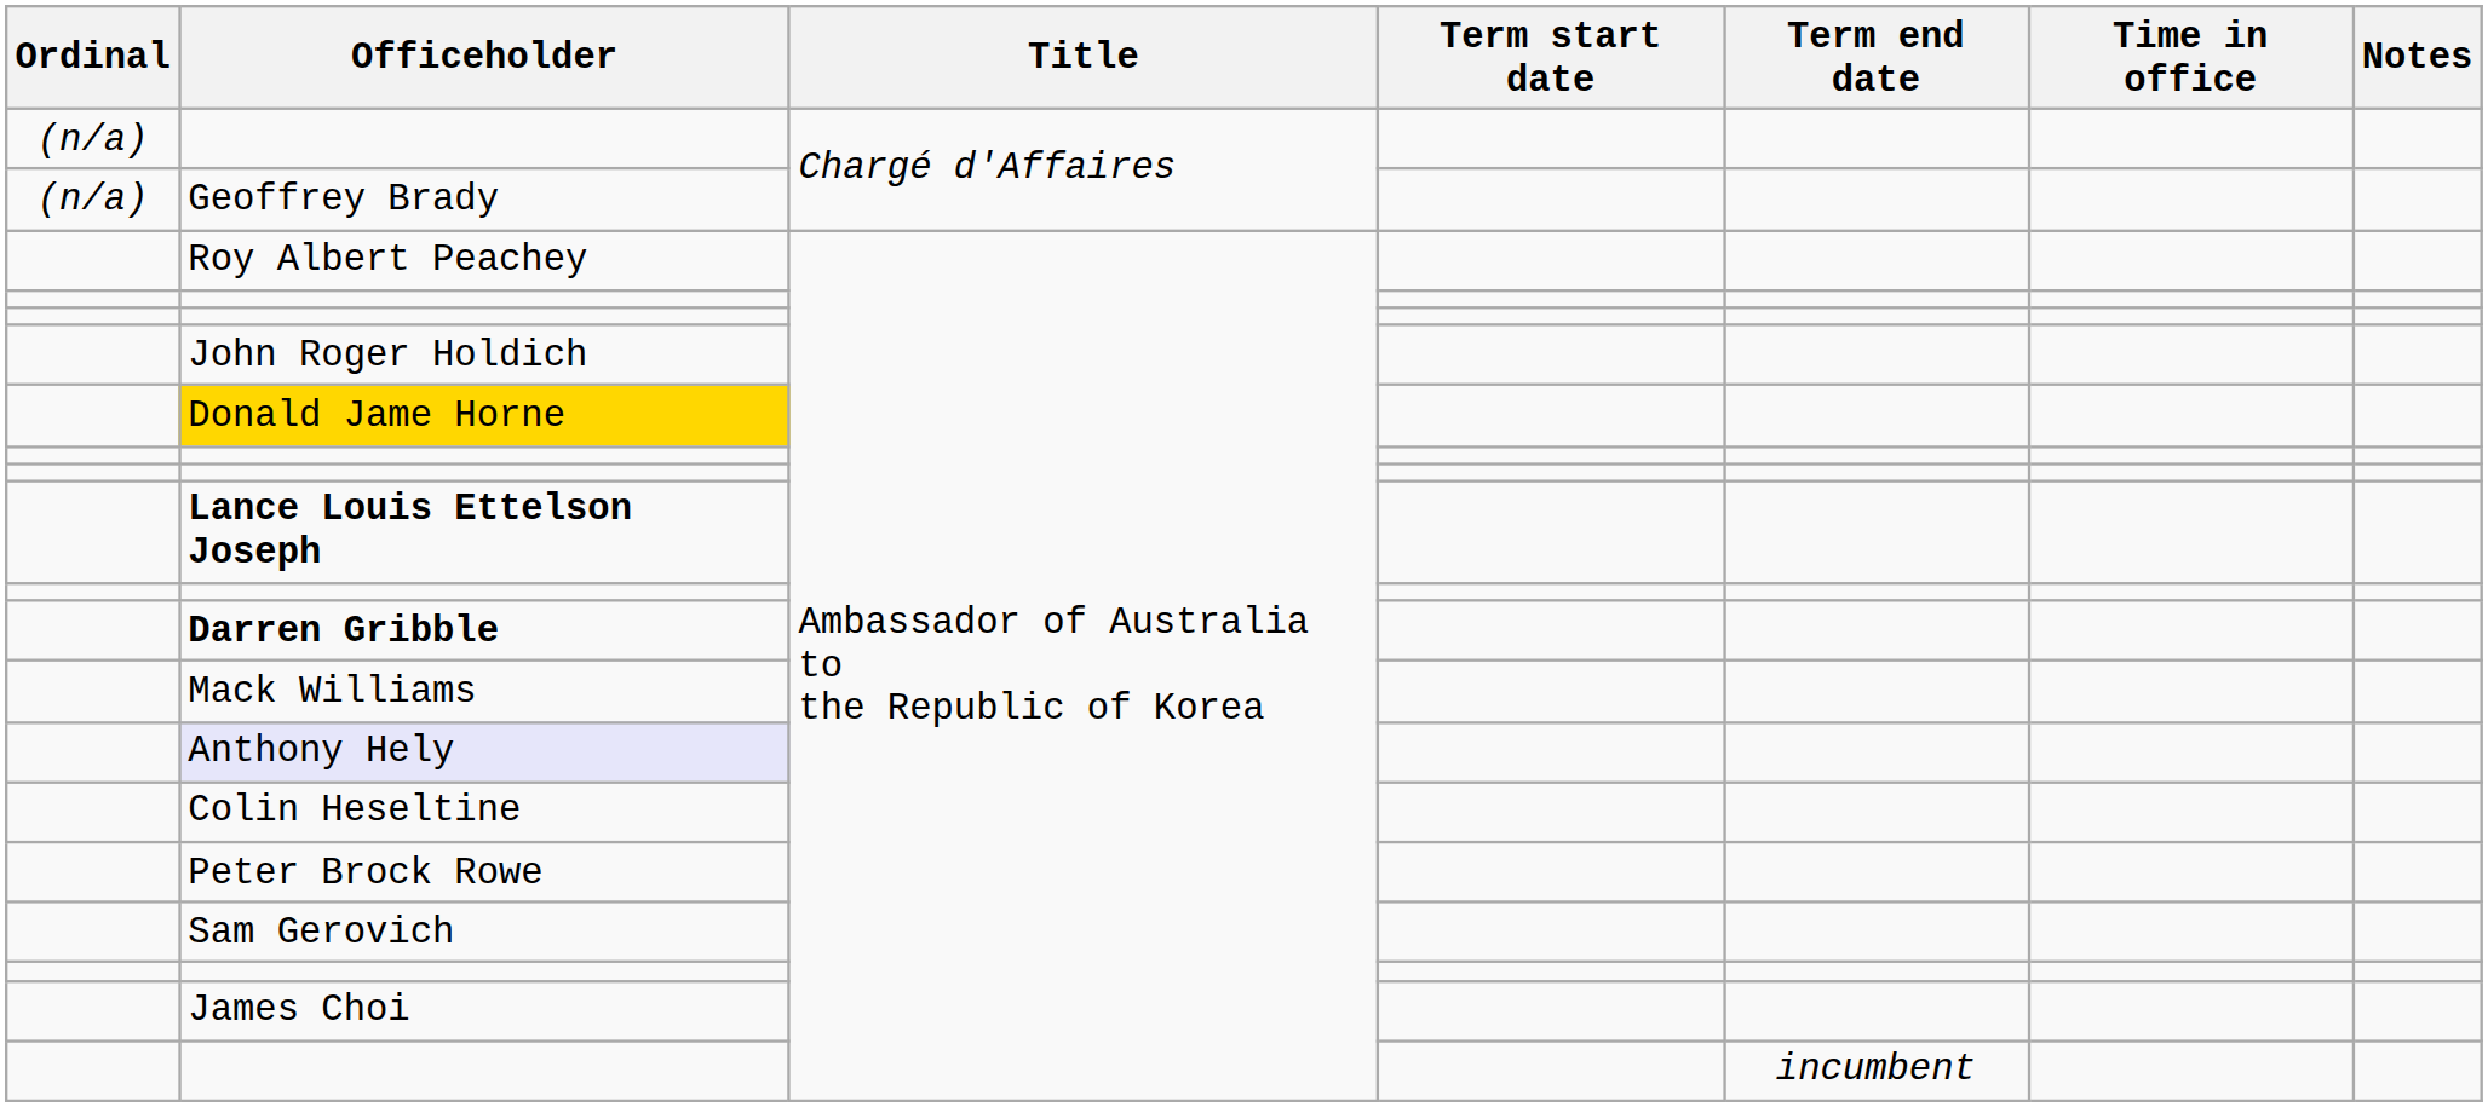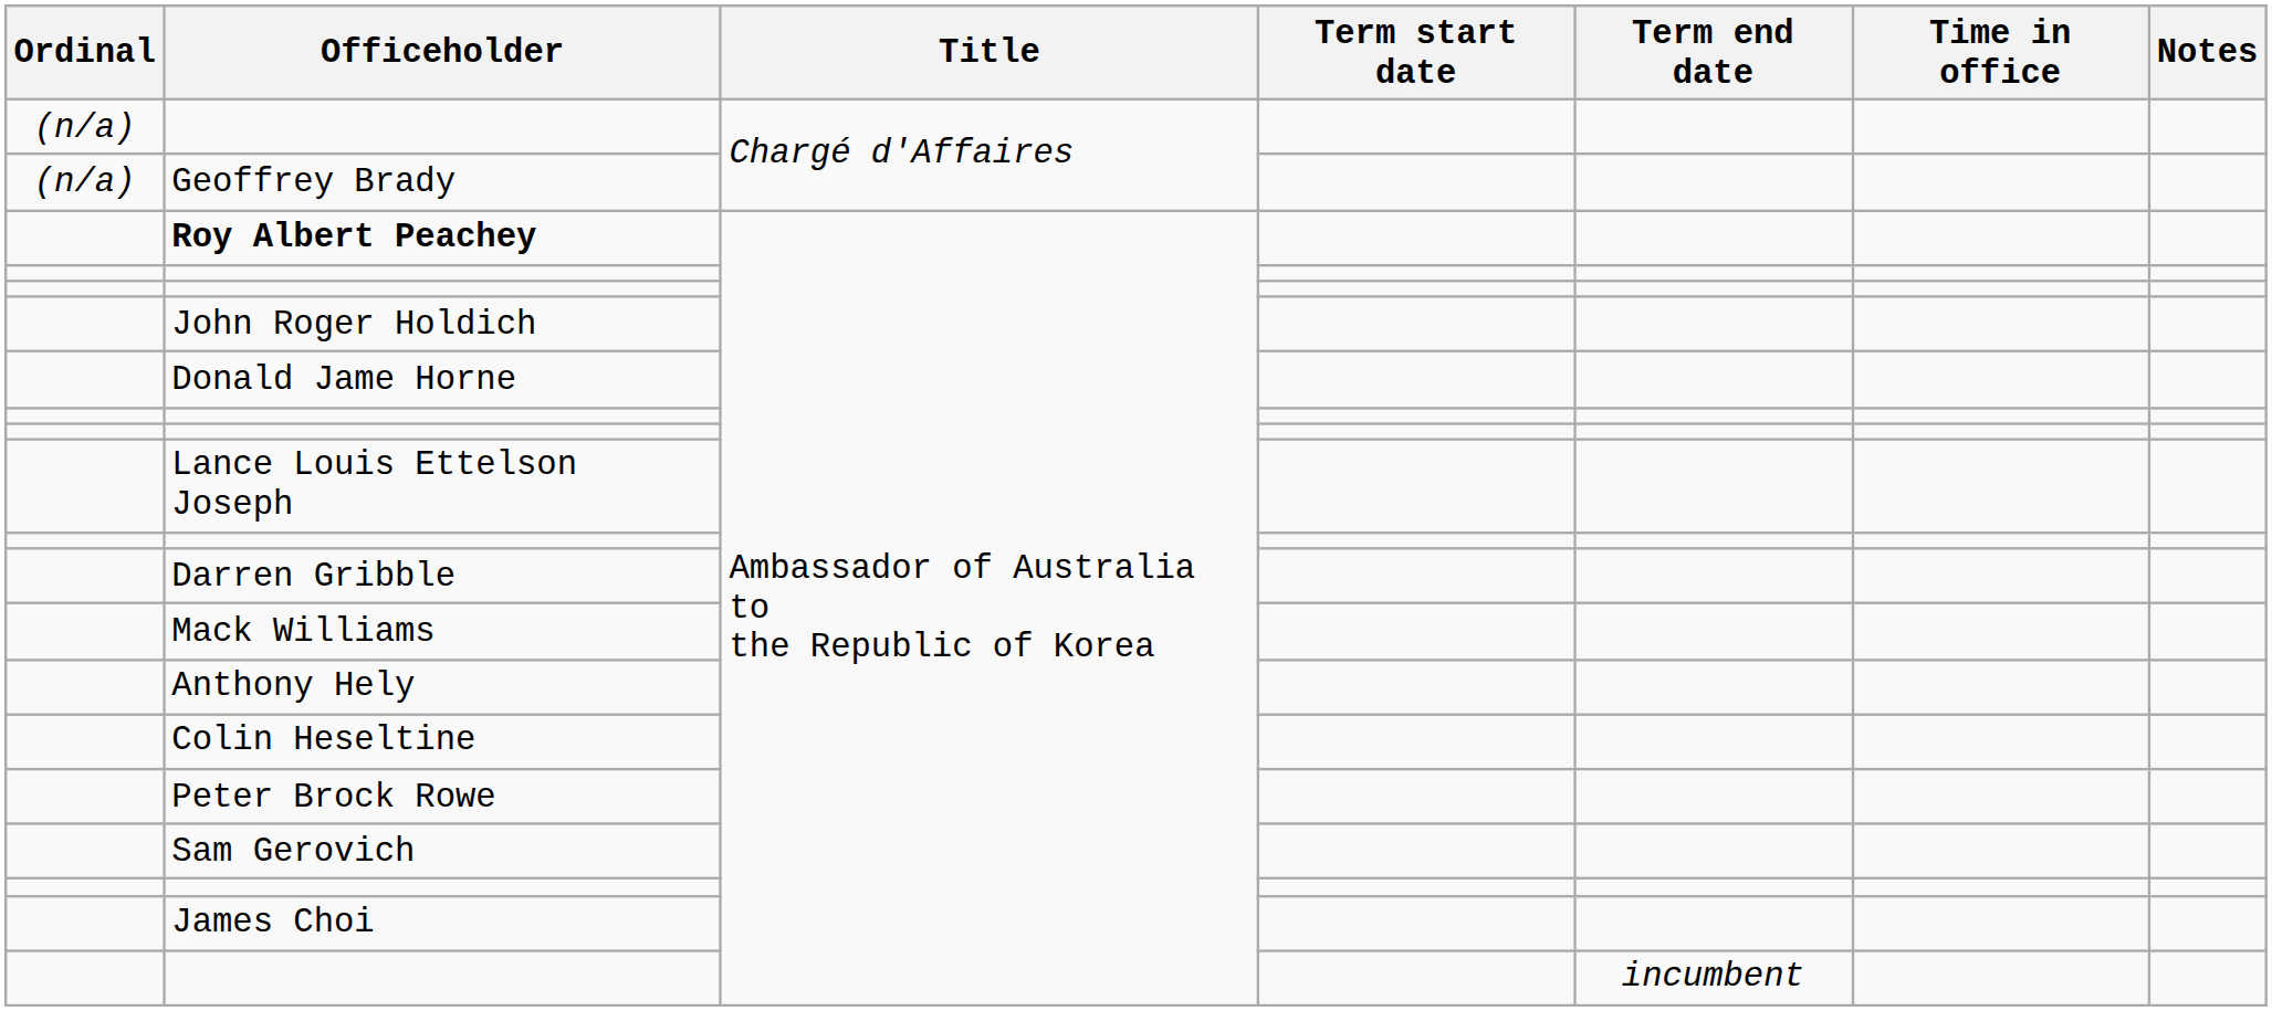 <table class='wikitable sortable'>
 <tr>
 <th>Ordinal</th>
 <th>Officeholder</th>
 <th>Title</th>
 <th>Term start date</th>
 <th>Term end date</th>
 <th>Time in office</th>
 <th>Notes</th>
 </tr>
 <tr>
 <td align=center><em>(n/a)</em></td>
 <td></td>
 <td rowspan=2><em>Chargé d'Affaires</em></td>
 <td align=center></td>
 <td align=center></td>
 <td align=right></td>
 <td></td>
 </tr>
 <tr>
 <td align=center><em>(n/a)</em></td>
 <td>Geoffrey Brady</td>
 <td align=center></td>
 <td align=center></td>
 <td align=right></td>
 <td></td>
 </tr>
 <tr>
 <td align=center></td>
-<td>Roy Albert Peachey</td>
+<td><strong>Roy Albert Peachey</strong></td>
 <td rowspan=18>Ambassador of Australia to<br>the Republic of Korea</td>
 <td align=center></td>
 <td align=center></td>
 <td align=right><strong></strong></td>
 <td></td>
 </tr>
 <tr>
 <td align=center></td>
 <td></td>
 <td align=center></td>
 <td align=center></td>
 <td align=right></td>
 <td></td>
 </tr>
 <tr>
 <td align=center></td>
 <td></td>
 <td align=center></td>
 <td align=center></td>
 <td align=right></td>
 <td></td>
 </tr>
 <tr>
 <td align=center></td>
 <td>John Roger Holdich</td>
 <td align=center></td>
 <td align=center></td>
 <td align=right></td>
 <td></td>
 </tr>
 <tr>
 <td align=center></td>
-<td style="background: gold;">Donald Jame Horne</td>
+<td>Donald Jame Horne</td>
 <td align=center></td>
 <td align=center></td>
 <td align=right></td>
 <td></td>
 </tr>
 <tr>
 <td align=center></td>
 <td></td>
 <td align=center></td>
 <td align=center></td>
 <td align=right></td>
 <td></td>
 </tr>
 <tr>
 <td align=center></td>
 <td></td>
 <td align=center></td>
 <td align=center></td>
 <td align=right></td>
 <td></td>
 </tr>
 <tr>
 <td align=center></td>
-<td><strong>Lance Louis Ettelson Joseph</strong></td>
+<td>Lance Louis Ettelson Joseph</td>
 <td align=center></td>
 <td align=center></td>
 <td align=right></td>
 <td></td>
 </tr>
 <tr>
 <td align=center></td>
 <td></td>
 <td align=center></td>
 <td align=center></td>
 <td align=right></td>
 <td></td>
 </tr>
 <tr>
 <td align=center></td>
-<td><strong>Darren Gribble</strong></td>
+<td>Darren Gribble</td>
 <td align=center></td>
 <td align=center></td>
 <td align=right></td>
 <td></td>
 </tr>
 <tr>
 <td align=center></td>
 <td>Mack Williams</td>
 <td align=center></td>
 <td align=center></td>
 <td align=right></td>
 <td></td>
 </tr>
 <tr>
 <td align=center></td>
-<td style="background: lavender;">Anthony Hely</td>
+<td>Anthony Hely</td>
 <td align=center></td>
 <td align=center></td>
 <td align=right></td>
 <td></td>
 </tr>
 <tr>
 <td align=center></td>
 <td>Colin Heseltine</td>
 <td align=center></td>
 <td align=center></td>
 <td align=right></td>
 <td></td>
 </tr>
 <tr>
 <td align=center></td>
 <td>Peter Brock Rowe</td>
 <td align=center></td>
 <td align=center></td>
 <td align=right></td>
 <td></td>
 </tr>
 <tr>
 <td align=center></td>
 <td>Sam Gerovich</td>
 <td align=center></td>
 <td align=center></td>
 <td align=right></td>
 <td></td>
 </tr>
 <tr>
 <td align=center></td>
 <td></td>
 <td align=center></td>
 <td align=center></td>
 <td align=right></td>
 <td></td>
 </tr>
 <tr>
 <td align=center></td>
 <td>James Choi</td>
 <td align=center></td>
 <td align=center></td>
 <td align=right></td>
 <td></td>
 </tr>
 <tr>
 <td align=center></td>
 <td></td>
 <td align=center></td>
 <td align=center><em>incumbent</em></td>
 <td align=right></td>
 <td></td>
 </tr>
 </table>
